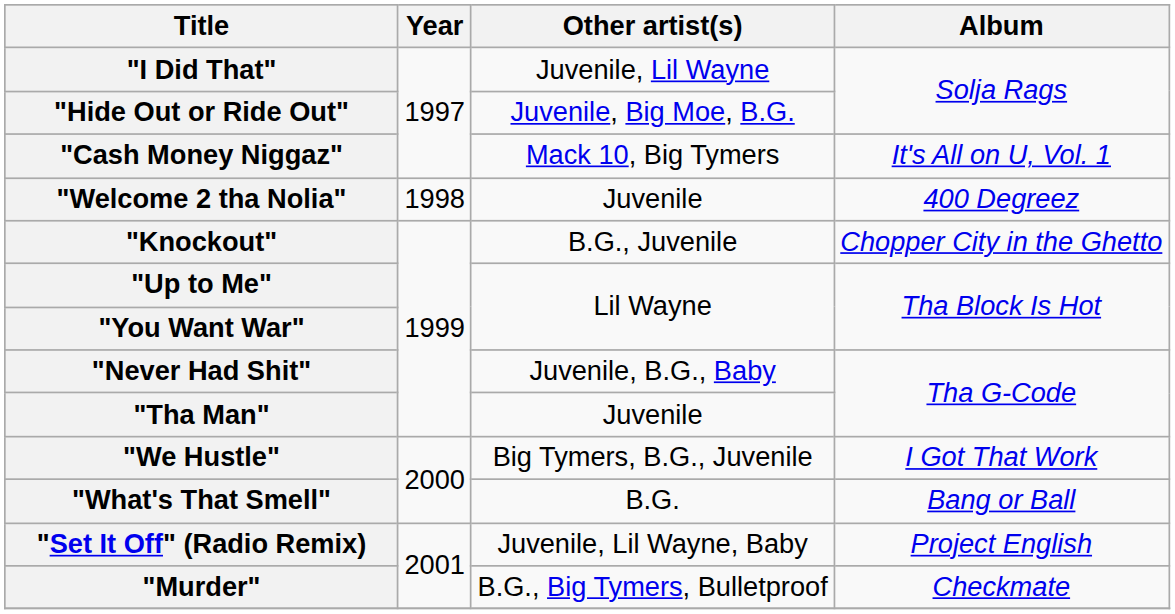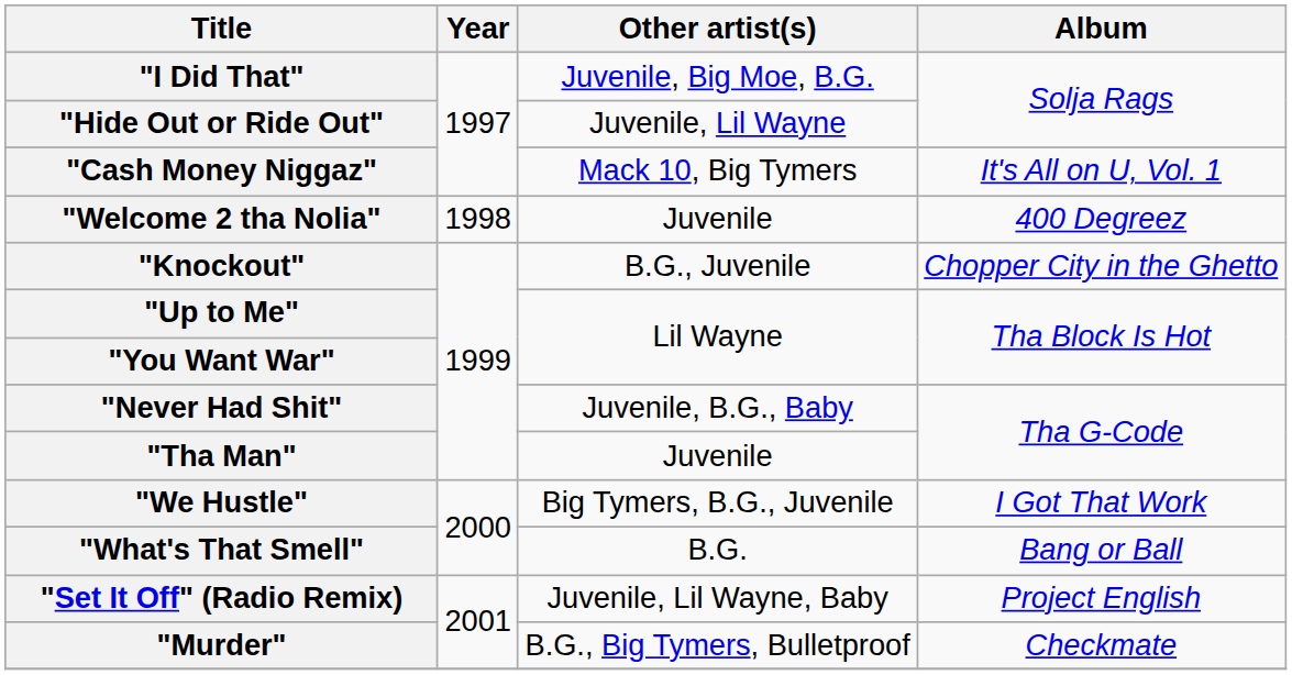 <table class="wikitable plainrowheaders" style="text-align:center;">
 <tr>
 <th scope="col" style="width:14em;">Title</th>
 <th scope="col">Year</th>
 <th scope="col">Other artist(s)</th>
 <th scope="col">Album</th>
 </tr>
 <tr>
 <th scope="row">"I Did That"</th>
 <td rowspan="3">1997</td>
-<td>Juvenile, <a href='#'>Lil Wayne</a></td>
+<td><a href='#'>Juvenile</a>, <a href='#'>Big Moe</a>, <a href='#'>B.G.</a></td>
 <td rowspan="2"><em><a href='#'>Solja Rags</a></em></td>
 </tr>
 <tr>
 <th scope="row">"Hide Out or Ride Out"</th>
-<td><a href='#'>Juvenile</a>, <a href='#'>Big Moe</a>, <a href='#'>B.G.</a></td>
+<td>Juvenile, <a href='#'>Lil Wayne</a></td>
 </tr>
 <tr>
 <th scope="row">"Cash Money Niggaz"</th>
 <td><a href='#'>Mack 10</a>, Big Tymers</td>
 <td><em><a href='#'>It's All on U, Vol. 1</a></em></td>
 </tr>
 <tr>
 <th scope="row">"Welcome 2 tha Nolia"</th>
 <td>1998</td>
 <td>Juvenile</td>
 <td><em><a href='#'>400 Degreez</a></em></td>
 </tr>
 <tr>
 <th scope="row">"Knockout"</th>
 <td rowspan="5">1999</td>
 <td>B.G., Juvenile</td>
 <td><em><a href='#'>Chopper City in the Ghetto</a></em></td>
 </tr>
 <tr>
 <th scope="row">"Up to Me"</th>
 <td rowspan="2">Lil Wayne</td>
 <td rowspan="2"><em><a href='#'>Tha Block Is Hot</a></em></td>
 </tr>
 <tr>
 <th scope="row">"You Want War"</th>
 </tr>
 <tr>
 <th scope="row">"Never Had Shit"</th>
 <td>Juvenile, B.G., <a href='#'>Baby</a></td>
 <td rowspan="2"><em><a href='#'>Tha G-Code</a></em></td>
 </tr>
 <tr>
 <th scope="row">"Tha Man"</th>
 <td>Juvenile</td>
 </tr>
 <tr>
 <th scope="row">"We Hustle"</th>
 <td rowspan="2">2000</td>
 <td>Big Tymers, B.G., Juvenile</td>
 <td><em><a href='#'>I Got That Work</a></em></td>
 </tr>
 <tr>
 <th scope="row">"What's That Smell"</th>
 <td>B.G.</td>
 <td><em><a href='#'>Bang or Ball</a></em></td>
 </tr>
 <tr>
 <th scope="row">"<a href='#'>Set It Off</a>" (Radio Remix)</th>
 <td rowspan="2">2001</td>
 <td>Juvenile, Lil Wayne, Baby</td>
 <td><em><a href='#'>Project English</a></em></td>
 </tr>
 <tr>
 <th scope="row">"Murder"</th>
 <td>B.G., <a href='#'>Big Tymers</a>, Bulletproof</td>
 <td><em><a href='#'>Checkmate</a></em></td>
 </tr>
 <tr>
 </tr>
 </table>
